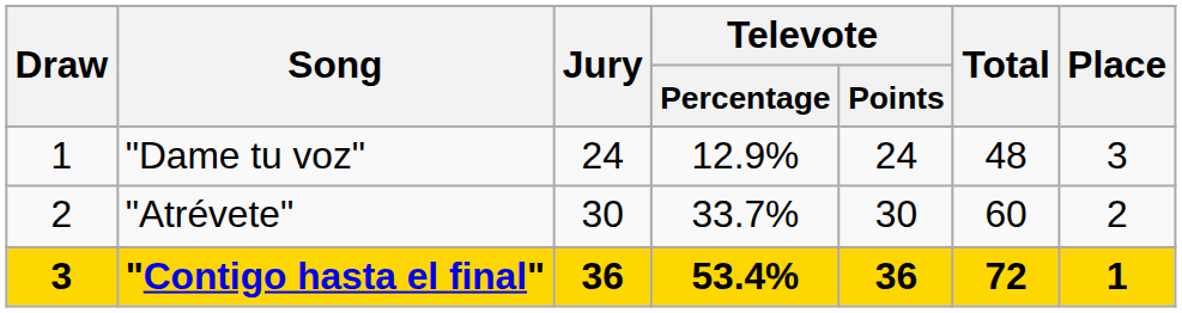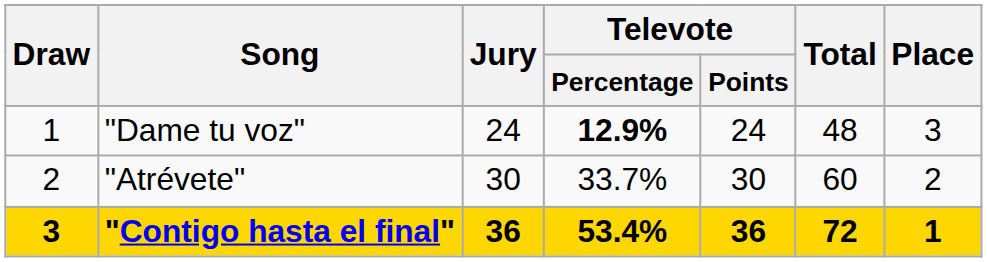 <table class="sortable wikitable" style="margin: 1em auto 1em auto; text-align:center">
 <tr>
 <th rowspan="2">Draw</th>
 <th rowspan="2">Song</th>
 <th rowspan="2">Jury</th>
 <th colspan="2">Televote</th>
 <th rowspan="2">Total</th>
 <th rowspan="2">Place</th>
 </tr>
 <tr>
 <th><small>Percentage</small></th>
 <th><small>Points</small></th>
 </tr>
 <tr>
 <td>1</td>
 <td align="left">"Dame tu voz"</td>
 <td>24</td>
-<td>12.9%</td>
+<td><strong>12.9%</strong></td>
 <td>24</td>
 <td>48</td>
 <td>3</td>
 </tr>
 <tr>
 <td>2</td>
 <td align="left">"Atrévete"</td>
 <td>30</td>
 <td>33.7%</td>
 <td>30</td>
 <td>60</td>
 <td>2</td>
 </tr>
 <tr style="font-weight:bold; background:gold;">
 <td>3</td>
 <td align="left">"<a href='#'>Contigo hasta el final</a>"</td>
 <td>36</td>
 <td>53.4%</td>
 <td>36</td>
 <td>72</td>
 <td>1</td>
 </tr>
 </table>
